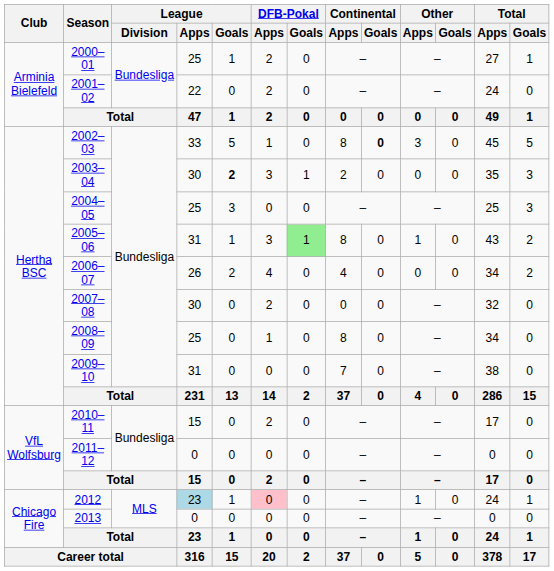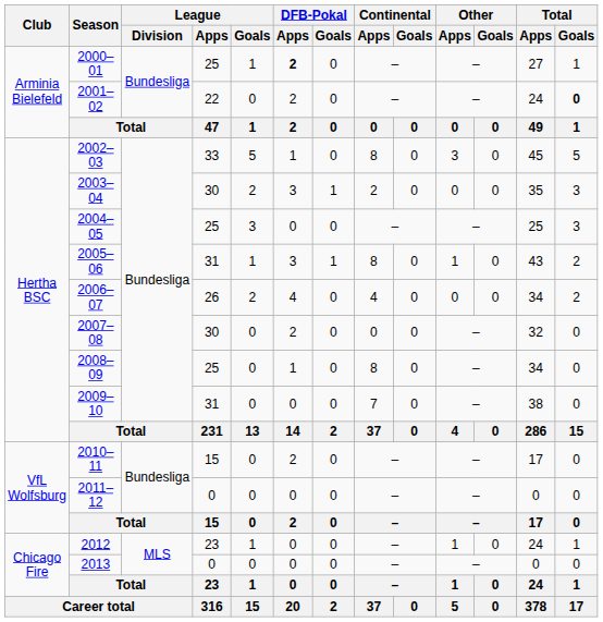 <table class="wikitable" style="text-align:center">
 <tr>
 <th rowspan="2">Club</th>
 <th rowspan="2">Season</th>
 <th colspan="3">League</th>
 <th colspan="2"><a href='#'>DFB-Pokal</a></th>
 <th colspan="2">Continental</th>
 <th colspan="2">Other</th>
 <th colspan="2">Total</th>
 </tr>
 <tr>
 <th>Division</th>
 <th>Apps</th>
 <th>Goals</th>
 <th>Apps</th>
 <th>Goals</th>
 <th>Apps</th>
 <th>Goals</th>
 <th>Apps</th>
 <th>Goals</th>
 <th>Apps</th>
 <th>Goals</th>
 </tr>
 <tr>
 <td rowspan="3"><a href='#'>Arminia Bielefeld</a></td>
 <td><a href='#'>2000–01</a></td>
 <td rowspan="2"><a href='#'>Bundesliga</a></td>
 <td>25</td>
 <td>1</td>
-<td>2</td>
+<td><strong>2</strong></td>
 <td>0</td>
 <td colspan="2">–</td>
 <td colspan="2">–</td>
 <td>27</td>
 <td>1</td>
 </tr>
 <tr>
 <td><a href='#'>2001–02</a></td>
 <td>22</td>
 <td>0</td>
 <td>2</td>
 <td>0</td>
 <td colspan="2">–</td>
 <td colspan="2">–</td>
 <td>24</td>
-<td>0</td>
+<td><strong>0</strong></td>
 </tr>
 <tr>
 <th colspan="2">Total</th>
 <th>47</th>
 <th>1</th>
 <th>2</th>
 <th>0</th>
 <th>0</th>
 <th>0</th>
 <th>0</th>
 <th>0</th>
 <th>49</th>
 <th>1</th>
 </tr>
 <tr>
 <td rowspan="9"><a href='#'>Hertha BSC</a></td>
 <td><a href='#'>2002–03</a></td>
 <td rowspan="8">Bundesliga</td>
 <td>33</td>
 <td>5</td>
 <td>1</td>
 <td>0</td>
 <td>8</td>
-<td><strong>0</strong></td>
+<td>0</td>
 <td>3</td>
 <td>0</td>
 <td>45</td>
 <td>5</td>
 </tr>
 <tr>
 <td><a href='#'>2003–04</a></td>
 <td>30</td>
-<td><strong>2</strong></td>
+<td>2</td>
 <td>3</td>
 <td>1</td>
 <td>2</td>
 <td>0</td>
 <td>0</td>
 <td>0</td>
 <td>35</td>
 <td>3</td>
 </tr>
 <tr>
 <td><a href='#'>2004–05</a></td>
 <td>25</td>
 <td>3</td>
 <td>0</td>
 <td>0</td>
 <td colspan="2">–</td>
 <td colspan="2">–</td>
 <td>25</td>
 <td>3</td>
 </tr>
 <tr>
 <td><a href='#'>2005–06</a></td>
 <td>31</td>
 <td>1</td>
 <td>3</td>
-<td style="background: lightgreen;">1</td>
+<td>1</td>
 <td>8</td>
 <td>0</td>
 <td>1</td>
 <td>0</td>
 <td>43</td>
 <td>2</td>
 </tr>
 <tr>
 <td><a href='#'>2006–07</a></td>
 <td>26</td>
 <td>2</td>
 <td>4</td>
 <td>0</td>
 <td>4</td>
 <td>0</td>
 <td>0</td>
 <td>0</td>
 <td>34</td>
 <td>2</td>
 </tr>
 <tr>
 <td><a href='#'>2007–08</a></td>
 <td>30</td>
 <td>0</td>
 <td>2</td>
 <td>0</td>
 <td>0</td>
 <td>0</td>
 <td colspan="2">–</td>
 <td>32</td>
 <td>0</td>
 </tr>
 <tr>
 <td><a href='#'>2008–09</a></td>
 <td>25</td>
 <td>0</td>
 <td>1</td>
 <td>0</td>
 <td>8</td>
 <td>0</td>
 <td colspan="2">–</td>
 <td>34</td>
 <td>0</td>
 </tr>
 <tr>
 <td><a href='#'>2009–10</a></td>
 <td>31</td>
 <td>0</td>
 <td>0</td>
 <td>0</td>
 <td>7</td>
 <td>0</td>
 <td colspan="2">–</td>
 <td>38</td>
 <td>0</td>
 </tr>
 <tr>
 <th colspan="2">Total</th>
 <th>231</th>
 <th>13</th>
 <th>14</th>
 <th>2</th>
 <th>37</th>
 <th>0</th>
 <th>4</th>
 <th>0</th>
 <th>286</th>
 <th>15</th>
 </tr>
 <tr>
 <td rowspan="3"><a href='#'>VfL Wolfsburg</a></td>
 <td><a href='#'>2010–11</a></td>
 <td rowspan="2">Bundesliga</td>
 <td>15</td>
 <td>0</td>
 <td>2</td>
 <td>0</td>
 <td colspan="2">–</td>
 <td colspan="2">–</td>
 <td>17</td>
 <td>0</td>
 </tr>
 <tr>
 <td><a href='#'>2011–12</a></td>
 <td>0</td>
 <td>0</td>
 <td>0</td>
 <td>0</td>
 <td colspan="2">–</td>
 <td colspan="2">–</td>
 <td>0</td>
 <td>0</td>
 </tr>
 <tr>
 <th colspan="2">Total</th>
 <th>15</th>
 <th>0</th>
 <th>2</th>
 <th>0</th>
 <th colspan="2">–</th>
 <th colspan="2">–</th>
 <th>17</th>
 <th>0</th>
 </tr>
 <tr>
 <td rowspan="3"><a href='#'>Chicago Fire</a></td>
 <td><a href='#'>2012</a></td>
 <td rowspan="2"><a href='#'>MLS</a></td>
-<td style="background: lightblue;">23</td>
+<td>23</td>
 <td>1</td>
-<td style="background: pink;">0</td>
+<td>0</td>
 <td>0</td>
 <td colspan="2">–</td>
 <td>1</td>
 <td>0</td>
 <td>24</td>
 <td>1</td>
 </tr>
 <tr>
 <td><a href='#'>2013</a></td>
 <td>0</td>
 <td>0</td>
 <td>0</td>
 <td>0</td>
 <td colspan="2">–</td>
 <td colspan="2">–</td>
 <td>0</td>
 <td>0</td>
 </tr>
 <tr>
 <th colspan="2">Total</th>
 <th>23</th>
 <th>1</th>
 <th>0</th>
 <th>0</th>
 <th colspan="2">–</th>
 <th>1</th>
 <th>0</th>
 <th>24</th>
 <th>1</th>
 </tr>
 <tr>
 <th colspan="3">Career total</th>
 <th>316</th>
 <th>15</th>
 <th>20</th>
 <th>2</th>
 <th>37</th>
 <th>0</th>
 <th>5</th>
 <th>0</th>
 <th>378</th>
 <th>17</th>
 </tr>
 </table>
